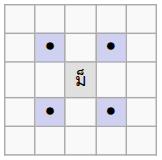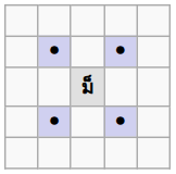 <table border="1" class="wikitable" style="width:107px; font-size:95%;">
 <tr style="text-align:center;">
 <td width="20"> </td>
 <td width="20"> </td>
 <td width="20"> </td>
 <td width="20"> </td>
 <td width="20"> </td>
 </tr>
 <tr style="text-align:center;">
 <td> </td>
 <td style="background:#D0D0F0;">●</td>
 <td> </td>
 <td style="background:#D0D0F0;">●</td>
 <td> </td>
 </tr>
 <tr style="text-align:center;">
 <td> </td>
 <td> </td>
-<td style="background:#E0E0E0;">ม็</td>
+<td style="background:#E0E0E0;"><strong>ม็</strong></td>
 <td> </td>
 <td> </td>
 </tr>
 <tr style="text-align:center;">
 <td> </td>
 <td style="background:#D0D0F0;">●</td>
 <td> </td>
 <td style="background:#D0D0F0;">●</td>
 <td> </td>
 </tr>
 <tr style="text-align:center;">
 <td> </td>
 <td> </td>
 <td> </td>
 <td> </td>
 <td> </td>
 </tr>
 </table>
